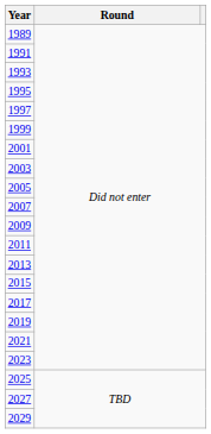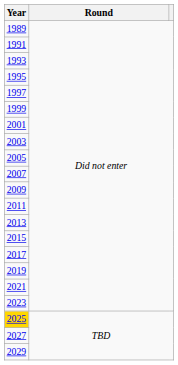 <table class="wikitable" style="text-align: center; font-size:90%">
 <tr>
 <th>Year</th>
 <th style="width:200px">Round</th>
 <th></th>
 </tr>
 <tr>
 <td><a href='#'>1989</a></td>
 <td colspan="2" rowspan="18"><em>Did not enter</em></td>
 </tr>
 <tr>
 <td><a href='#'>1991</a></td>
 </tr>
 <tr>
 <td><a href='#'>1993</a></td>
 </tr>
 <tr>
 <td><a href='#'>1995</a></td>
 </tr>
 <tr>
 <td><a href='#'>1997</a></td>
 </tr>
 <tr>
 <td><a href='#'>1999</a></td>
 </tr>
 <tr>
 <td><a href='#'>2001</a></td>
 </tr>
 <tr>
 <td><a href='#'>2003</a></td>
 </tr>
 <tr>
 <td><a href='#'>2005</a></td>
 </tr>
 <tr>
 <td><a href='#'>2007</a></td>
 </tr>
 <tr>
 <td><a href='#'>2009</a></td>
 </tr>
 <tr>
 <td><a href='#'>2011</a></td>
 </tr>
 <tr>
 <td><a href='#'>2013</a></td>
 </tr>
 <tr>
 <td><a href='#'>2015</a></td>
 </tr>
 <tr>
 <td><a href='#'>2017</a></td>
 </tr>
 <tr>
 <td><a href='#'>2019</a></td>
 </tr>
 <tr>
 <td><a href='#'>2021</a></td>
 </tr>
 <tr>
 <td><a href='#'>2023</a></td>
 </tr>
 <tr>
-<td><a href='#'>2025</a></td>
+<td style="background: gold;"><a href='#'>2025</a></td>
 <td colspan="2" rowspan="3"><em>TBD</em></td>
 </tr>
 <tr>
 <td><a href='#'>2027</a></td>
 </tr>
 <tr>
 <td><a href='#'>2029</a></td>
 </tr>
 </table>
